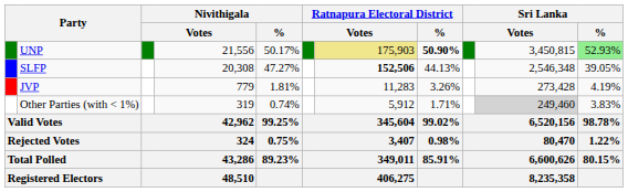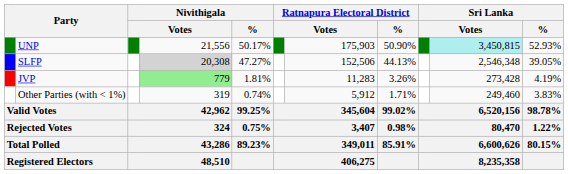 <table class="wikitable">
 <tr>
 <th colspan="2" width="144px"rowspan="2">Party</th>
 <th colspan="3" width="216px">Nivithigala</th>
 <th colspan="3" width="216px"><a href='#'>Ratnapura Electoral District</a></th>
 <th colspan="3" width="216px">Sri Lanka</th>
 </tr>
 <tr>
 <th colspan="2" width="144px">Votes</th>
 <th>%</th>
 <th colspan="2" width="144px">Votes</th>
 <th>%</th>
 <th colspan="2" width="144px">Votes</th>
 <th>%</th>
 </tr>
 <tr>
 <td style="background-color:green;" width="10px"></td>
 <td style="text-align:left;"><a href='#'>UNP</a></td>
 <td style="background-color:green;" width="10px"></td>
 <td style="text-align:right;">21,556</td>
 <td style="text-align:right;">50.17%</td>
 <td style="background-color:green;" width="10px"></td>
-<td style="background: khaki; text-align:right;">175,903</td>
-<td style="text-align:right;"><strong>50.90%</strong></td>
+<td style="text-align:right;">175,903</td>
+<td style="text-align:right;">50.90%</td>
 <td style="background-color:green;" width="10px"></td>
-<td style="text-align:right;">3,450,815</td>
-<td style="background: lightgreen; text-align:right;">52.93%</td>
+<td style="background: paleturquoise; text-align:right;">3,450,815</td>
+<td style="text-align:right;">52.93%</td>
 </tr>
 <tr>
 <td style="background-color:blue;" width="10px"></td>
 <td style="text-align:left;"><a href='#'>SLFP</a></td>
 <td style="background-color:white;" width="10px"></td>
-<td style="text-align:right;">20,308</td>
+<td style="background: lightgrey; text-align:right;">20,308</td>
 <td style="text-align:right;">47.27%</td>
 <td style="background-color:white;" width="10px"></td>
-<td style="text-align:right;"><strong>152,506</strong></td>
+<td style="text-align:right;">152,506</td>
 <td style="text-align:right;">44.13%</td>
 <td style="background-color:white;" width="10px"></td>
 <td style="text-align:right;">2,546,348</td>
 <td style="text-align:right;">39.05%</td>
 </tr>
 <tr>
 <td style="background-color:red;" width="10px"></td>
 <td style="text-align:left;"><a href='#'>JVP</a></td>
 <td style="background-color:white;" width="10px"></td>
-<td style="text-align:right;">779</td>
+<td style="background: lightgreen; text-align:right;">779</td>
 <td style="text-align:right;">1.81%</td>
 <td style="background-color:white;" width="10px"></td>
 <td style="text-align:right;">11,283</td>
 <td style="text-align:right;">3.26%</td>
 <td style="background-color:white;" width="10px"></td>
 <td style="text-align:right;">273,428</td>
 <td style="text-align:right;">4.19%</td>
 </tr>
 <tr>
 <td style="background-color:white;" width="10px"></td>
 <td style="text-align:left;">Other Parties (with < 1%)</td>
 <td style="background-color:white;" width="10px"></td>
 <td style="text-align:right;">319</td>
 <td style="text-align:right;">0.74%</td>
 <td style="background-color:white;" width="10px"></td>
 <td style="text-align:right;">5,912</td>
 <td style="text-align:right;">1.71%</td>
 <td style="background-color:white;" width="10px"></td>
-<td style="background: lightgrey; text-align:right;">249,460</td>
+<td style="text-align:right;">249,460</td>
 <td style="text-align:right;">3.83%</td>
 </tr>
 <tr>
 <th colspan="2" width="144px"style="text-align:left;">Valid Votes</th>
 <th style="text-align:right;"colspan="2" width="144px">42,962</th>
 <th style="text-align:right;">99.25%</th>
 <th style="text-align:right;"colspan="2" width="144px">345,604</th>
 <th style="text-align:right;">99.02%</th>
 <th style="text-align:right;"colspan="2" width="144px">6,520,156</th>
 <th style="text-align:right;">98.78%</th>
 </tr>
 <tr>
 <th colspan="2" width="144px"style="text-align:left;">Rejected Votes</th>
 <th style="text-align:right;"colspan="2" width="144px">324</th>
 <th style="text-align:right;">0.75%</th>
 <th style="text-align:right;"colspan="2" width="144px">3,407</th>
 <th style="text-align:right;">0.98%</th>
 <th style="text-align:right;"colspan="2" width="144px">80,470</th>
 <th style="text-align:right;">1.22%</th>
 </tr>
 <tr>
 <th colspan="2" width="144px"style="text-align:left;">Total Polled</th>
 <th style="text-align:right;"colspan="2" width="144px">43,286</th>
 <th style="text-align:right;">89.23%</th>
 <th style="text-align:right;"colspan="2" width="144px">349,011</th>
 <th style="text-align:right;">85.91%</th>
 <th style="text-align:right;"colspan="2" width="144px">6,600,626</th>
 <th style="text-align:right;">80.15%</th>
 </tr>
 <tr>
 <th colspan="2" width="144px"style="text-align:left;">Registered Electors</th>
 <th style="text-align:right;"colspan="2" width="144px">48,510</th>
 <th></th>
 <th style="text-align:right;"colspan="2" width="144px">406,275</th>
 <th></th>
 <th style="text-align:right;"colspan="2" width="144px">8,235,358</th>
 <th></th>
 </tr>
 </table>
